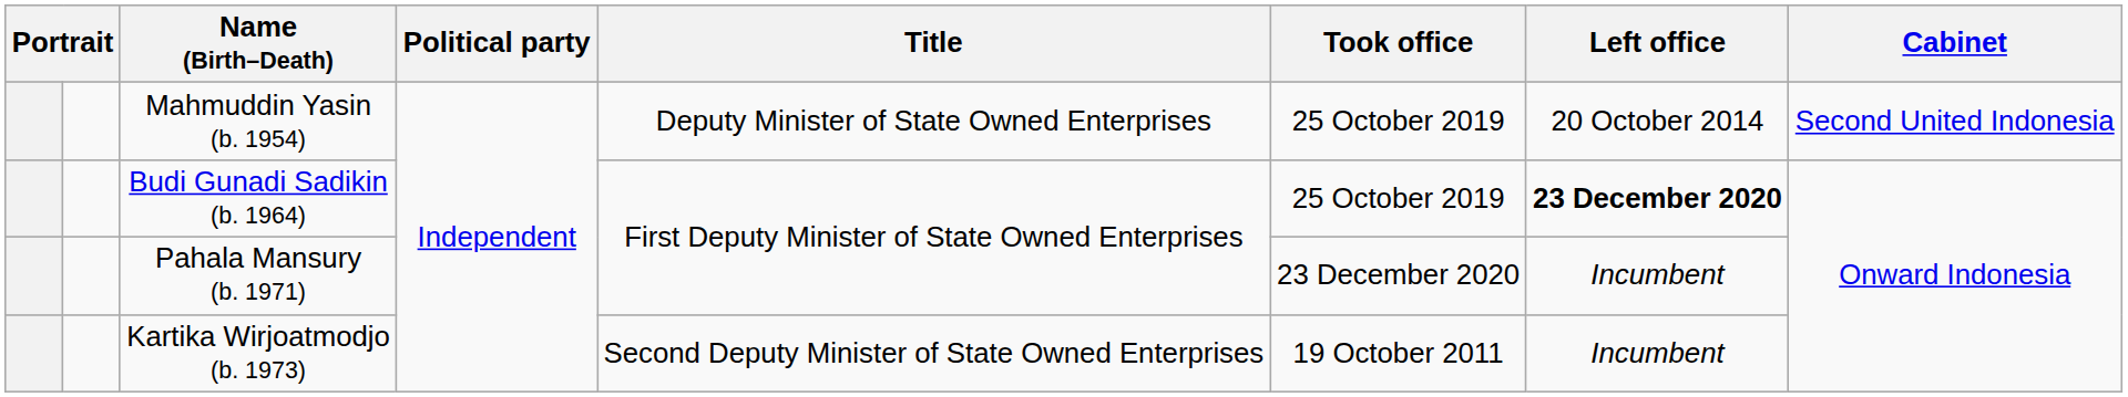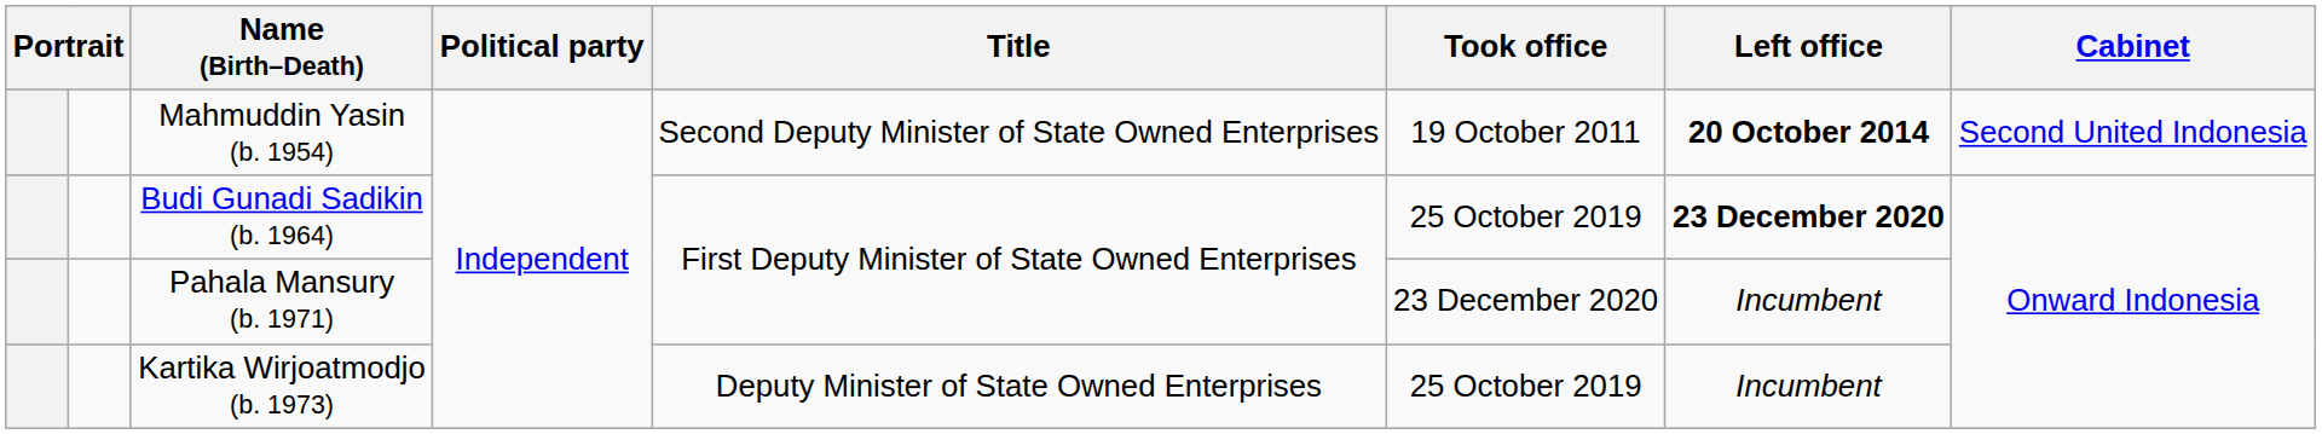 <table class="wikitable" style="text-align:center;">
 <tr>
 <th colspan=2>Portrait</th>
 <th>Name<br><small>(Birth–Death)</small></th>
 <th>Political party</th>
 <th>Title</th>
 <th>Took office</th>
 <th>Left office</th>
 <th><a href='#'>Cabinet</a></th>
 </tr>
 <tr>
 <th style="background:"></th>
 <td></td>
 <td>Mahmuddin Yasin<br><small>(b. 1954)</small></td>
 <td rowspan="4"><a href='#'>Independent</a></td>
-<td>Deputy Minister of State Owned Enterprises</td>
-<td>25 October 2019</td>
-<td>20 October 2014</td>
+<td>Second Deputy Minister of State Owned Enterprises</td>
+<td>19 October 2011</td>
+<td><strong>20 October 2014</strong></td>
 <td><a href='#'>Second United Indonesia</a></td>
 </tr>
 <tr>
 <th style="background:"></th>
 <td></td>
 <td><a href='#'>Budi Gunadi Sadikin</a><br><small>(b. 1964)</small></td>
 <td rowspan="2">First Deputy Minister of State Owned Enterprises</td>
 <td>25 October 2019</td>
 <td><strong>23 December 2020</strong></td>
 <td rowspan="3"><a href='#'>Onward Indonesia</a></td>
 </tr>
 <tr>
 <th style="background:"></th>
 <td></td>
 <td>Pahala Mansury<br><small>(b. 1971)</small></td>
 <td>23 December 2020</td>
 <td><em>Incumbent</em></td>
 </tr>
 <tr>
 <th style="background:"></th>
 <td></td>
 <td>Kartika Wirjoatmodjo<br><small>(b. 1973)</small></td>
-<td>Second Deputy Minister of State Owned Enterprises</td>
-<td>19 October 2011</td>
+<td>Deputy Minister of State Owned Enterprises</td>
+<td>25 October 2019</td>
 <td><em>Incumbent</em></td>
 </tr>
 </table>
